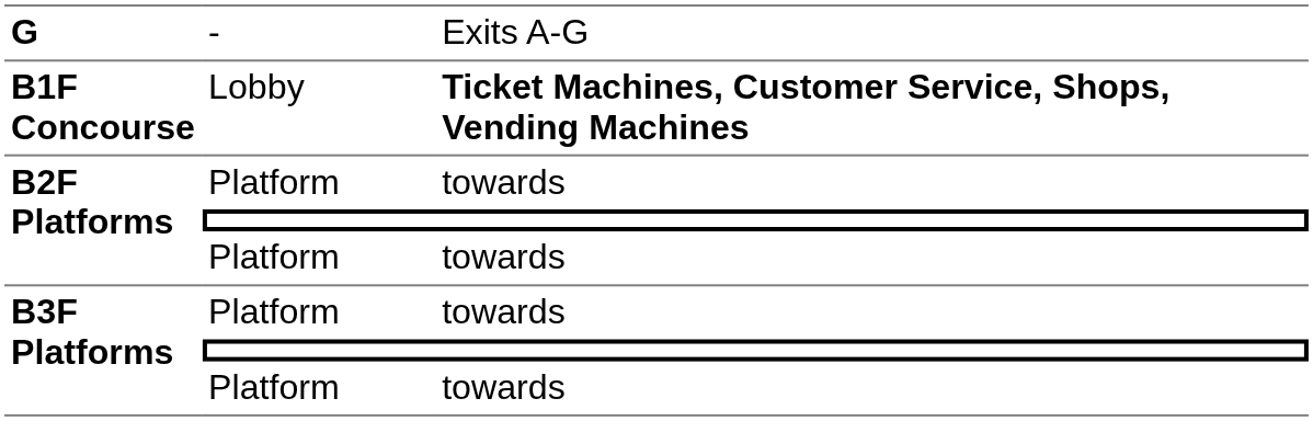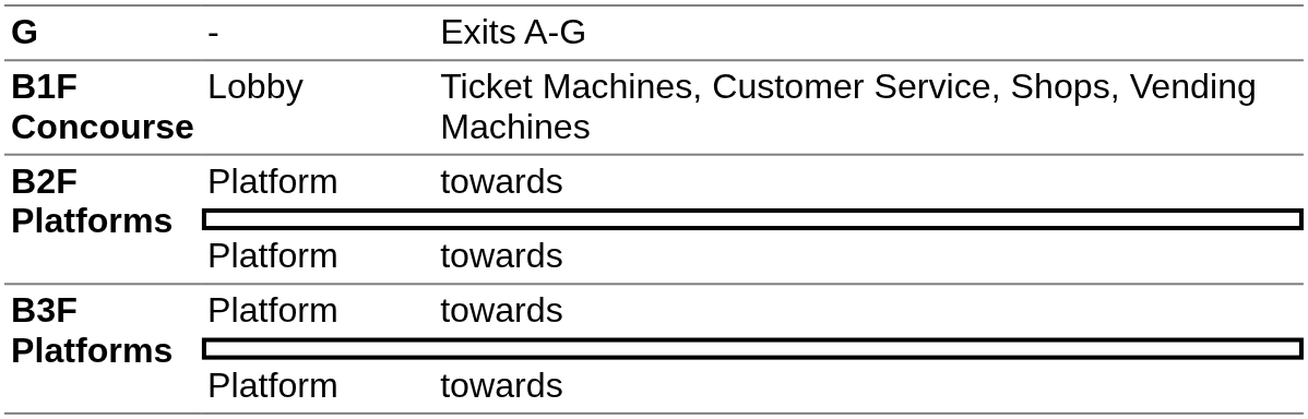 <table table border=0 cellspacing=0 cellpadding=3>
 <tr>
 <td style="border-top:solid 1px gray;" width=50 valign=top><strong>G</strong></td>
 <td style="border-top:solid 1px gray;" width=100 valign=top>-</td>
 <td style="border-top:solid 1px gray;" width=390 valign=top>Exits A-G</td>
 </tr>
 <tr>
 <td style="border-bottom:solid 1px gray; border-top:solid 1px gray;" valign=top width=50><strong>B1F<br>Concourse</strong></td>
 <td style="border-bottom:solid 1px gray; border-top:solid 1px gray;" valign=top width=100>Lobby</td>
-<td style="border-bottom:solid 1px gray; border-top:solid 1px gray;" valign=top width=390><strong>Ticket Machines, Customer Service, Shops, Vending Machines</strong></td>
+<td style="border-bottom:solid 1px gray; border-top:solid 1px gray;" valign=top width=390>Ticket Machines, Customer Service, Shops, Vending Machines</td>
 </tr>
 <tr>
 <td style="border-bottom:solid 1px gray;" rowspan="3" valign=top><strong>B2F<br> Platforms</strong></td>
 <td>Platform</td>
 <td>  towards  </td>
 </tr>
 <tr>
 <td style="border-right:solid 2px black;border-left:solid 2px black;border-top:solid 2px black;border-bottom:solid 2px black;text-align:center;" colspan=2></td>
 </tr>
 <tr>
 <td style="border-bottom:solid 1px gray;">Platform</td>
 <td style="border-bottom:solid 1px gray;">  towards   </td>
 </tr>
 <tr>
 <td style="border-bottom:solid 1px gray;" rowspan="6" valign=top><strong>B3F<br> Platforms</strong></td>
 <td>Platform</td>
 <td>  towards  </td>
 </tr>
 <tr>
 <td style="border-right:solid 2px black;border-left:solid 2px black;border-top:solid 2px black;border-bottom:solid 2px black;text-align:center;" colspan=2></td>
 </tr>
 <tr>
 <td style="border-bottom:solid 1px gray;">Platform</td>
 <td style="border-bottom:solid 1px gray;">  towards   </td>
 </tr>
 </table>
